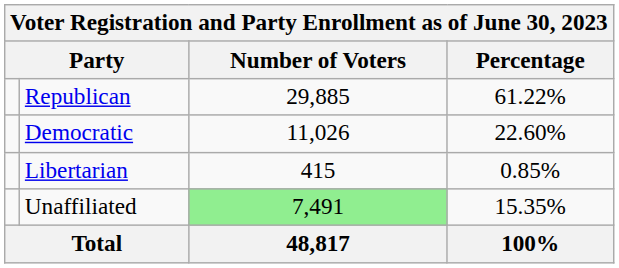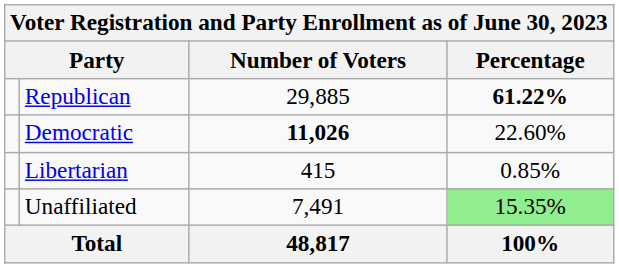 <table class=wikitable>
 <tr>
 <th colspan = 6>Voter Registration and Party Enrollment as of June 30, 2023</th>
 </tr>
 <tr>
 <th colspan = 2>Party</th>
 <th>Number of Voters</th>
 <th>Percentage</th>
 </tr>
 <tr>
 <td></td>
 <td><a href='#'>Republican</a></td>
 <td align = center>29,885</td>
-<td align = center>61.22%</td>
+<td align = center><strong>61.22%</strong></td>
 </tr>
 <tr>
 <td></td>
 <td><a href='#'>Democratic</a></td>
-<td align = center>11,026</td>
+<td align = center><strong>11,026</strong></td>
 <td align = center>22.60%</td>
 </tr>
 <tr>
 <td></td>
 <td><a href='#'>Libertarian</a></td>
 <td align = center>415</td>
 <td align = center>0.85%</td>
 </tr>
 <tr>
 <td></td>
 <td>Unaffiliated</td>
-<td align = center style="background: lightgreen;">7,491</td>
-<td align = center>15.35%</td>
+<td align = center>7,491</td>
+<td align = center style="background: lightgreen;">15.35%</td>
 </tr>
 <tr>
 <th colspan = 2>Total</th>
 <th align = center>48,817</th>
 <th align = center>100%</th>
 </tr>
 </table>
